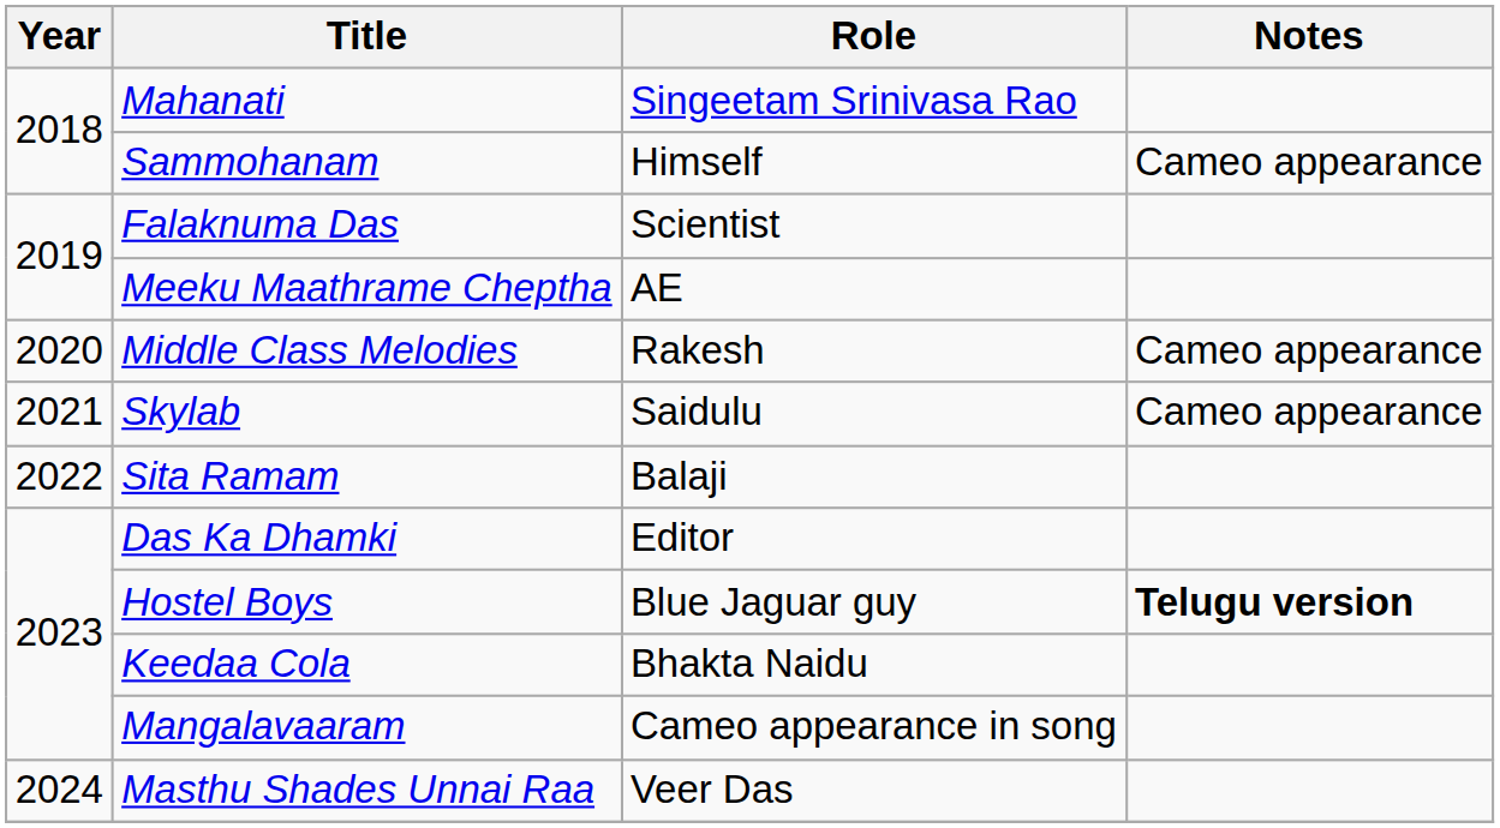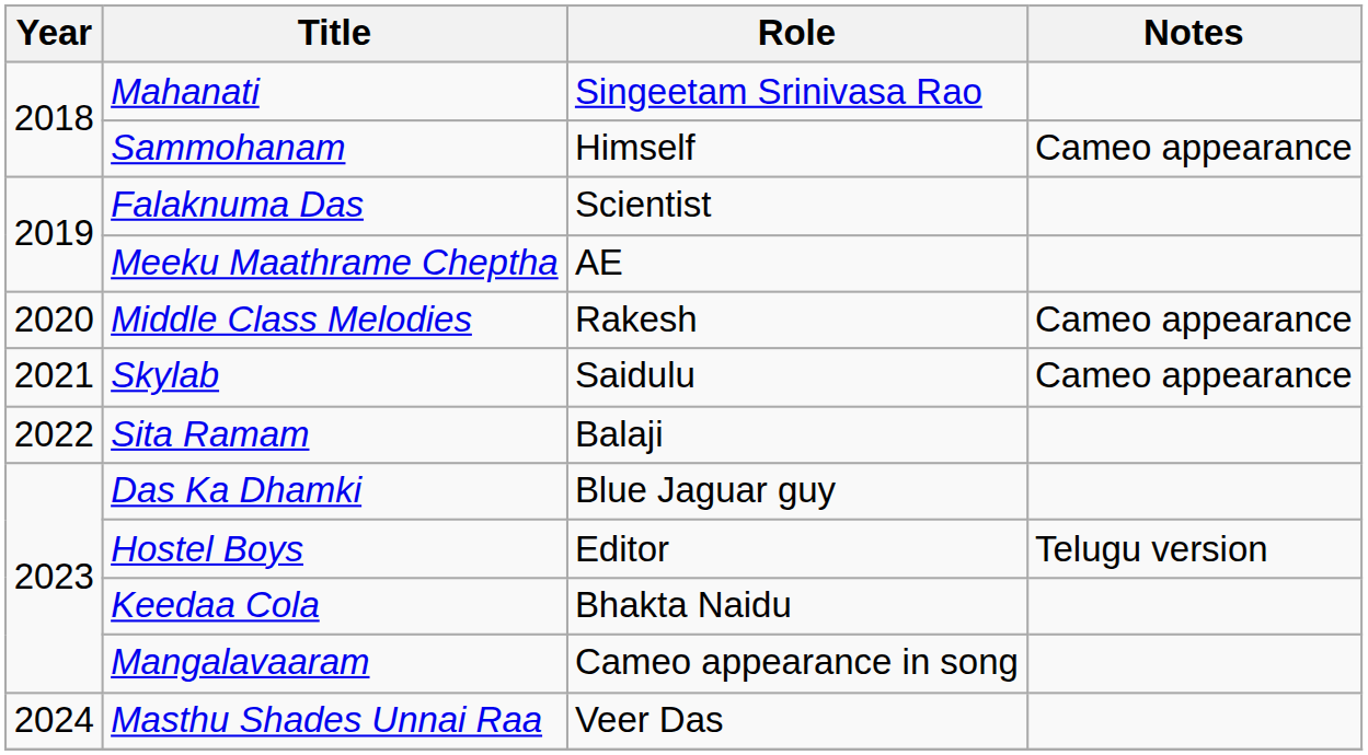 <table class="wikitable sortable">
 <tr>
 <th>Year</th>
 <th>Title</th>
 <th>Role</th>
 <th scope="col" class="unsortable">Notes</th>
 </tr>
 <tr>
 <td rowspan="2">2018</td>
 <td><em><a href='#'>Mahanati</a></em></td>
 <td><a href='#'>Singeetam Srinivasa Rao</a></td>
 <td></td>
 </tr>
 <tr>
 <td><em><a href='#'>Sammohanam</a></em></td>
 <td>Himself</td>
 <td>Cameo appearance</td>
 </tr>
 <tr>
 <td rowspan="2">2019</td>
 <td><em><a href='#'>Falaknuma Das</a></em></td>
 <td>Scientist</td>
 <td></td>
 </tr>
 <tr>
 <td><em><a href='#'>Meeku Maathrame Cheptha</a></em></td>
 <td>AE</td>
 <td></td>
 </tr>
 <tr>
 <td>2020</td>
 <td><em><a href='#'>Middle Class Melodies</a></em></td>
 <td>Rakesh</td>
 <td>Cameo appearance</td>
 </tr>
 <tr>
 <td>2021</td>
 <td><em><a href='#'>Skylab</a></em></td>
 <td>Saidulu</td>
 <td>Cameo appearance</td>
 </tr>
 <tr>
 <td>2022</td>
 <td><em><a href='#'>Sita Ramam</a></em></td>
 <td>Balaji</td>
 <td></td>
 </tr>
 <tr>
 <td rowspan="4">2023</td>
 <td><em><a href='#'>Das Ka Dhamki</a></em></td>
-<td>Editor</td>
+<td>Blue Jaguar guy</td>
 <td></td>
 </tr>
 <tr>
 <td><em><a href='#'>Hostel Boys</a></em></td>
-<td>Blue Jaguar guy</td>
-<td><strong>Telugu version</strong></td>
+<td>Editor</td>
+<td>Telugu version</td>
 </tr>
 <tr>
 <td><em><a href='#'>Keedaa Cola</a></em></td>
 <td>Bhakta Naidu</td>
 <td></td>
 </tr>
 <tr>
 <td><em><a href='#'>Mangalavaaram</a></em></td>
 <td>Cameo appearance in song</td>
 <td></td>
 </tr>
 <tr>
 <td>2024</td>
 <td><em><a href='#'>Masthu Shades Unnai Raa</a></em></td>
 <td>Veer Das</td>
 <td></td>
 </tr>
 <tr>
 </tr>
 </table>
